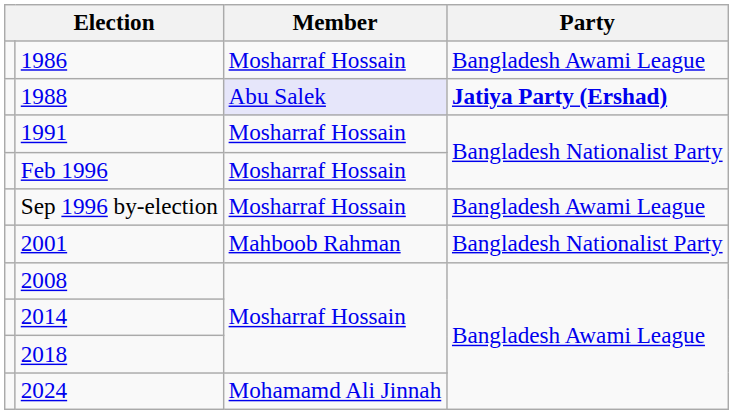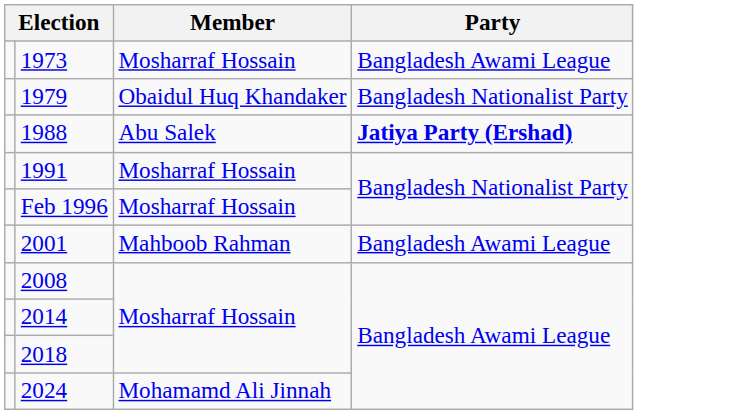 <table class="wikitable">
 <tr>
 <th colspan="2">Election</th>
 <th>Member</th>
 <th>Party</th>
 </tr>
 <tr>
 <td style="background-color:"></td>
-<td><a href='#'>1986</a></td>
+<td><a href='#'>1973</a></td>
 <td><a href='#'>Mosharraf Hossain</a></td>
 <td><a href='#'>Bangladesh Awami League</a></td>
 </tr>
 <tr>
 <td style="background-color:"></td>
+<td><a href='#'>1979</a></td>
+<td><a href='#'>Obaidul Huq Khandaker</a></td>
+<td><a href='#'>Bangladesh Nationalist Party</a></td>
+</tr>
+<tr>
+<td style="background-color:"></td>
 <td><a href='#'>1988</a></td>
-<td style="background: lavender;"><a href='#'>Abu Salek</a></td>
+<td><a href='#'>Abu Salek</a></td>
 <td><strong><a href='#'>Jatiya Party (Ershad)</a></strong></td>
 </tr>
 <tr>
 <td style="background-color:"></td>
 <td><a href='#'>1991</a></td>
 <td><a href='#'>Mosharraf Hossain</a></td>
 <td rowspan="2"><a href='#'>Bangladesh Nationalist Party</a></td>
 </tr>
 <tr>
 <td style="background-color:"></td>
 <td><a href='#'>Feb 1996</a></td>
 <td><a href='#'>Mosharraf Hossain</a></td>
 </tr>
 <tr>
 <td style="background-color:"></td>
-<td>Sep <a href='#'>1996</a> by-election</td>
-<td><a href='#'>Mosharraf Hossain</a></td>
-<td><a href='#'>Bangladesh Awami League</a></td>
-</tr>
-<tr>
-<td style="background-color:"></td>
 <td><a href='#'>2001</a></td>
 <td><a href='#'>Mahboob Rahman</a></td>
-<td><a href='#'>Bangladesh Nationalist Party</a></td>
+<td><a href='#'>Bangladesh Awami League</a></td>
 </tr>
 <tr>
 <td style="background-color:"></td>
 <td><a href='#'>2008</a></td>
 <td rowspan="3"><a href='#'>Mosharraf Hossain</a></td>
 <td rowspan="4"><a href='#'>Bangladesh Awami League</a></td>
 </tr>
 <tr>
 <td style="background-color:"></td>
 <td><a href='#'>2014</a></td>
 </tr>
 <tr>
 <td style="background-color:"></td>
 <td><a href='#'>2018</a></td>
 </tr>
 <tr>
 <td style="background-color:"></td>
 <td><a href='#'>2024</a></td>
 <td><a href='#'>Mohamamd Ali Jinnah</a></td>
 </tr>
 </table>
